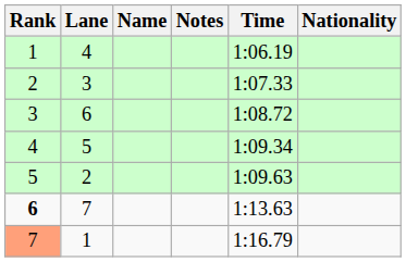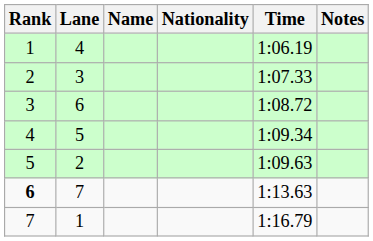 <table class="wikitable sortable" style="text-align:center">
 <tr>
 <th>Rank</th>
 <th>Lane</th>
 <th>Name</th>
+<th>Nationality</th>
+<th>Time</th>
 <th>Notes</th>
-<th>Time</th>
-<th>Nationality</th>
 </tr>
 <tr bgcolor=ccffcc>
 <td>1</td>
 <td>4</td>
 <td align=left></td>
+<td align=left></td>
+<td>1:06.19</td>
 <td><strong></strong></td>
-<td>1:06.19</td>
-<td align=left></td>
 </tr>
 <tr bgcolor=ccffcc>
 <td>2</td>
 <td>3</td>
 <td align=left></td>
+<td align=left></td>
+<td>1:07.33</td>
 <td><strong></strong></td>
-<td>1:07.33</td>
-<td align=left></td>
 </tr>
 <tr bgcolor=ccffcc>
 <td>3</td>
 <td>6</td>
 <td align=left></td>
+<td align=left></td>
+<td>1:08.72</td>
 <td><strong></strong></td>
-<td>1:08.72</td>
-<td align=left></td>
 </tr>
 <tr bgcolor=ccffcc>
 <td>4</td>
 <td>5</td>
 <td align=left></td>
+<td align=left></td>
+<td>1:09.34</td>
 <td><strong></strong></td>
-<td>1:09.34</td>
-<td align=left></td>
 </tr>
 <tr bgcolor=ccffcc>
 <td>5</td>
 <td>2</td>
 <td align=left></td>
+<td align=left></td>
+<td>1:09.63</td>
 <td><strong></strong></td>
-<td>1:09.63</td>
-<td align=left></td>
 </tr>
 <tr>
 <td><strong>6</strong></td>
 <td>7</td>
 <td align=left></td>
+<td align=left></td>
+<td>1:13.63</td>
 <td></td>
-<td>1:13.63</td>
-<td align=left></td>
 </tr>
 <tr>
-<td style="background: lightsalmon;">7</td>
+<td>7</td>
 <td>1</td>
 <td align=left></td>
+<td align=left></td>
+<td>1:16.79</td>
 <td></td>
-<td>1:16.79</td>
-<td align=left></td>
 </tr>
 </table>
